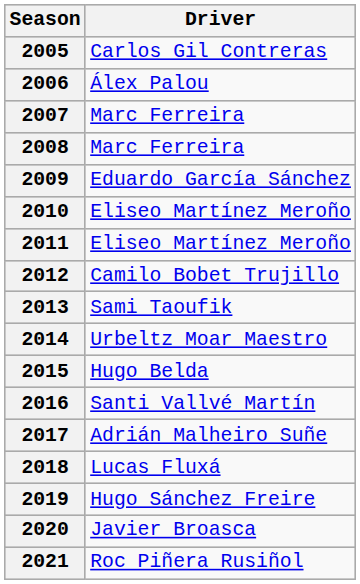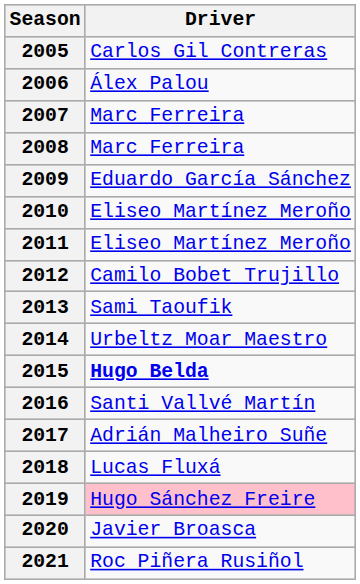 <table class="wikitable" style="font-size: 95%;">
 <tr>
 <th>Season</th>
 <th>Driver</th>
 </tr>
 <tr>
 <th>2005</th>
 <td> <a href='#'>Carlos Gil Contreras</a></td>
 </tr>
 <tr>
 <th>2006</th>
 <td> <a href='#'>Álex Palou</a></td>
 </tr>
 <tr>
 <th>2007</th>
 <td> <a href='#'>Marc Ferreira</a></td>
 </tr>
 <tr>
 <th>2008</th>
 <td> <a href='#'>Marc Ferreira</a></td>
 </tr>
 <tr>
 <th>2009</th>
 <td> <a href='#'>Eduardo García Sánchez</a></td>
 </tr>
 <tr>
 <th>2010</th>
 <td> <a href='#'>Eliseo Martínez Meroño</a></td>
 </tr>
 <tr>
 <th>2011</th>
 <td> <a href='#'>Eliseo Martínez Meroño</a></td>
 </tr>
 <tr>
 <th>2012</th>
 <td> <a href='#'>Camilo Bobet Trujillo</a></td>
 </tr>
 <tr>
 <th>2013</th>
 <td> <a href='#'>Sami Taoufik</a></td>
 </tr>
 <tr>
 <th>2014</th>
 <td> <a href='#'>Urbeltz Moar Maestro</a></td>
 </tr>
 <tr>
 <th>2015</th>
-<td> <a href='#'>Hugo Belda</a></td>
+<td><strong> <a href='#'>Hugo Belda</a></strong></td>
 </tr>
 <tr>
 <th>2016</th>
 <td> <a href='#'>Santi Vallvé Martín</a></td>
 </tr>
 <tr>
 <th>2017</th>
 <td> <a href='#'>Adrián Malheiro Suñe</a></td>
 </tr>
 <tr>
 <th>2018</th>
 <td> <a href='#'>Lucas Fluxá</a></td>
 </tr>
 <tr>
 <th>2019</th>
-<td> <a href='#'>Hugo Sánchez Freire</a></td>
+<td style="background: pink;"> <a href='#'>Hugo Sánchez Freire</a></td>
 </tr>
 <tr>
 <th>2020</th>
 <td> <a href='#'>Javier Broasca</a></td>
 </tr>
 <tr>
 <th>2021</th>
 <td> <a href='#'>Roc Piñera Rusiñol</a></td>
 </tr>
 </table>
